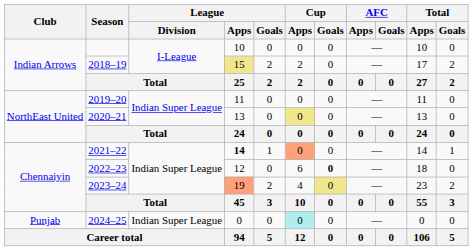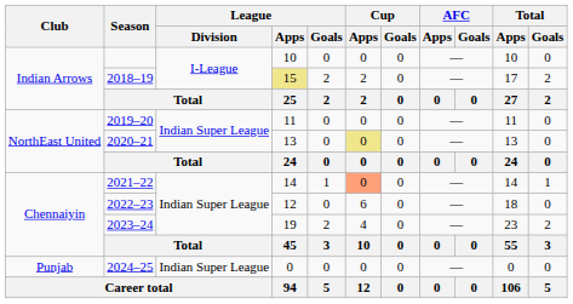 <table class="wikitable" style="text-align: center;">
 <tr>
 <th rowspan="2">Club</th>
 <th rowspan="2">Season</th>
 <th colspan="3">League</th>
 <th colspan="2">Cup</th>
 <th colspan="2"><a href='#'>AFC</a></th>
 <th colspan="2">Total</th>
 </tr>
 <tr>
 <th>Division</th>
 <th>Apps</th>
 <th>Goals</th>
 <th>Apps</th>
 <th>Goals</th>
 <th>Apps</th>
 <th>Goals</th>
 <th>Apps</th>
 <th>Goals</th>
 </tr>
 <tr>
 <td rowspan="3"><a href='#'>Indian Arrows</a></td>
 <td></td>
 <td rowspan="2"><a href='#'>I-League</a></td>
 <td>10</td>
 <td>0</td>
 <td>0</td>
 <td>0</td>
 <td colspan="2">—</td>
 <td>10</td>
 <td>0</td>
 </tr>
 <tr>
 <td><a href='#'>2018–19</a></td>
 <td style="background: khaki;">15</td>
 <td>2</td>
 <td>2</td>
 <td>0</td>
 <td colspan="2">—</td>
 <td>17</td>
 <td>2</td>
 </tr>
 <tr>
 <th colspan="2">Total</th>
 <th>25</th>
 <th>2</th>
 <th>2</th>
 <th>0</th>
 <th>0</th>
 <th>0</th>
 <th>27</th>
 <th>2</th>
 </tr>
 <tr>
 <td rowspan="3"><a href='#'>NorthEast United</a></td>
 <td><a href='#'>2019–20</a></td>
 <td rowspan="2"><a href='#'>Indian Super League</a></td>
 <td>11</td>
 <td>0</td>
 <td>0</td>
 <td>0</td>
 <td colspan="2">—</td>
 <td>11</td>
 <td>0</td>
 </tr>
 <tr>
 <td><a href='#'>2020–21</a></td>
 <td>13</td>
 <td>0</td>
 <td style="background: khaki;">0</td>
 <td>0</td>
 <td colspan="2">—</td>
 <td>13</td>
 <td>0</td>
 </tr>
 <tr>
 <th colspan="2">Total</th>
 <th>24</th>
 <th>0</th>
 <th>0</th>
 <th>0</th>
 <th>0</th>
 <th>0</th>
 <th>24</th>
 <th>0</th>
 </tr>
 <tr>
 <td rowspan="4"><a href='#'>Chennaiyin</a></td>
 <td><a href='#'>2021–22</a></td>
 <td rowspan="3">Indian Super League</td>
-<td><strong>14</strong></td>
+<td>14</td>
 <td>1</td>
 <td style="background: lightsalmon;">0</td>
 <td>0</td>
 <td colspan="2">—</td>
 <td>14</td>
 <td>1</td>
 </tr>
 <tr>
 <td><a href='#'>2022–23</a></td>
 <td>12</td>
 <td>0</td>
 <td>6</td>
-<td><strong>0</strong></td>
+<td>0</td>
 <td colspan="2">—</td>
 <td>18</td>
 <td>0</td>
 </tr>
 <tr>
 <td><a href='#'>2023–24</a></td>
-<td style="background: lightsalmon;">19</td>
+<td>19</td>
 <td>2</td>
 <td>4</td>
-<td style="background: khaki;">0</td>
+<td>0</td>
 <td colspan="2">—</td>
 <td>23</td>
 <td>2</td>
 </tr>
 <tr>
 <th colspan="2">Total</th>
 <th>45</th>
 <th>3</th>
 <th>10</th>
 <th>0</th>
 <th>0</th>
 <th>0</th>
 <th>55</th>
 <th>3</th>
 </tr>
 <tr>
 <td rowspan="1"><a href='#'>Punjab</a></td>
 <td><a href='#'>2024–25</a></td>
 <td rowspan="1">Indian Super League</td>
 <td>0</td>
 <td>0</td>
-<td style="background: paleturquoise;">0</td>
+<td>0</td>
 <td>0</td>
 <td colspan="2">—</td>
 <td>0</td>
 <td>0</td>
 </tr>
 <tr>
 <th colspan="3">Career total</th>
 <th>94</th>
 <th>5</th>
 <th>12</th>
 <th>0</th>
 <th>0</th>
 <th>0</th>
 <th>106</th>
 <th>5</th>
 </tr>
 </table>
